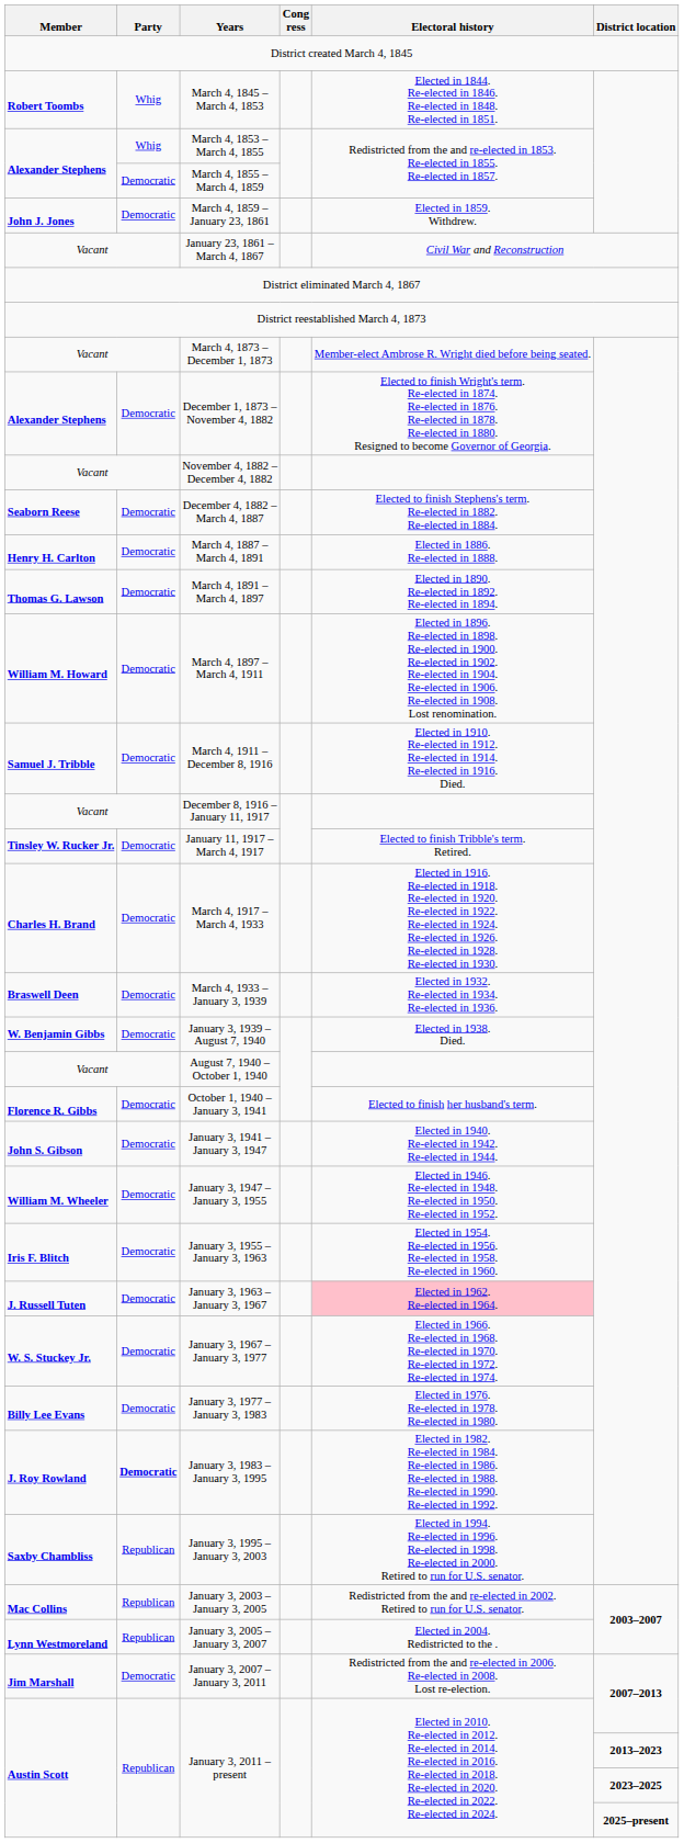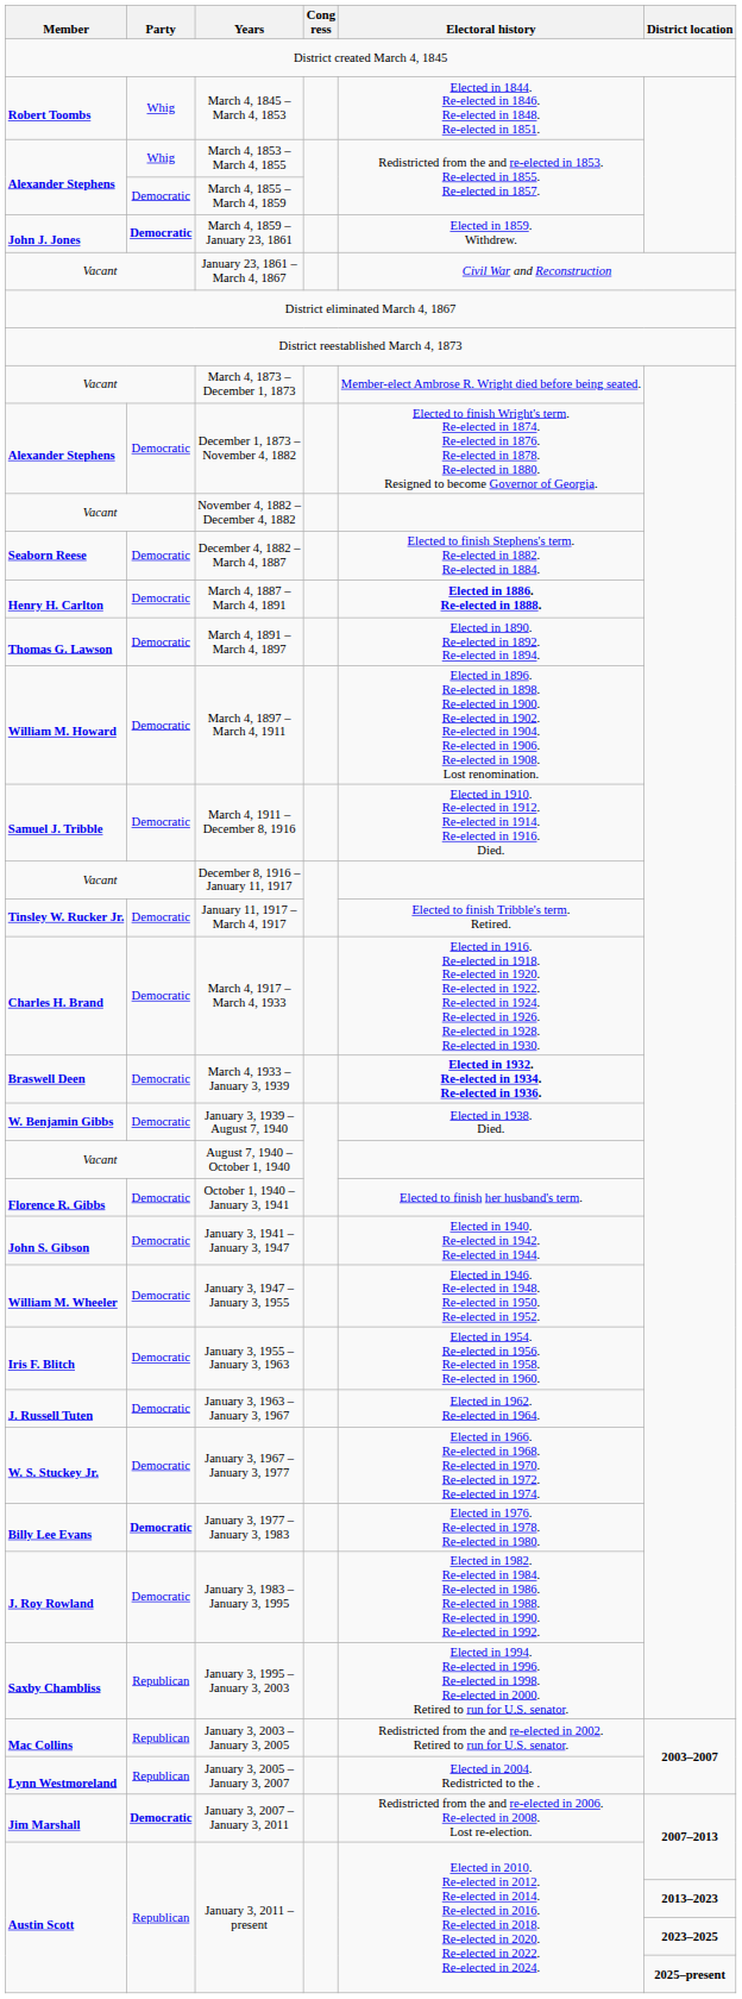 <table class=wikitable style="text-align:center">
 <tr valign=bottom>
 <th>Member</th>
 <th>Party</th>
 <th>Years</th>
 <th>Cong<br>ress</th>
 <th>Electoral history</th>
 <th>District location</th>
 </tr>
 <tr style="height:3em">
 <td colspan=6>District created March 4, 1845</td>
 </tr>
 <tr style="height:3em">
 <td align=left><br><strong><a href='#'>Robert Toombs</a></strong><br></td>
 <td><a href='#'>Whig</a></td>
 <td nowrap>March 4, 1845 –<br>March 4, 1853</td>
 <td></td>
 <td><a href='#'>Elected in 1844</a>.<br><a href='#'>Re-elected in 1846</a>.<br><a href='#'>Re-elected in 1848</a>.<br><a href='#'>Re-elected in 1851</a>.<br></td>
 <td rowspan=4></td>
 </tr>
 <tr style="height:3em">
 <td rowspan=2 align=left><br><strong><a href='#'>Alexander Stephens</a></strong><br></td>
 <td><a href='#'>Whig</a></td>
 <td nowrap>March 4, 1853 –<br>March 4, 1855</td>
 <td rowspan=2></td>
 <td rowspan=2>Redistricted from the  and <a href='#'>re-elected in 1853</a>.<br><a href='#'>Re-elected in 1855</a>.<br><a href='#'>Re-elected in 1857</a>.<br></td>
 </tr>
 <tr style="height:3em">
 <td><a href='#'>Democratic</a></td>
 <td nowrap>March 4, 1855 –<br>March 4, 1859</td>
 </tr>
 <tr style="height:3em">
 <td align=left><br><strong><a href='#'>John J. Jones</a></strong><br></td>
-<td><a href='#'>Democratic</a></td>
+<td><strong><a href='#'>Democratic</a></strong></td>
 <td nowrap>March 4, 1859 –<br>January 23, 1861</td>
 <td></td>
 <td><a href='#'>Elected in 1859</a>.<br>Withdrew.</td>
 </tr>
 <tr style="height:3em">
 <td colspan=2><em>Vacant</em></td>
 <td nowrap>January 23, 1861 –<br>March 4, 1867</td>
 <td></td>
 <td colspan=2><em><a href='#'>Civil War</a> and <a href='#'>Reconstruction</a></em></td>
 </tr>
 <tr style="height:3em">
 <td colspan=6>District eliminated March 4, 1867</td>
 </tr>
 <tr style="height:3em">
 <td colspan=6>District reestablished March 4, 1873</td>
 </tr>
 <tr style="height:3em">
 <td colspan=2><em>Vacant</em></td>
 <td nowrap>March 4, 1873 –<br>December 1, 1873</td>
 <td></td>
 <td><a href='#'>Member-elect Ambrose R. Wright died before being seated</a>.</td>
 <td rowspan=23></td>
 </tr>
 <tr style="height:3em">
 <td align=left><br><strong><a href='#'>Alexander Stephens</a></strong><br></td>
 <td><a href='#'>Democratic</a></td>
 <td nowrap>December 1, 1873 –<br>November 4, 1882</td>
 <td></td>
 <td><a href='#'>Elected to finish Wright's term</a>.<br><a href='#'>Re-elected in 1874</a>.<br><a href='#'>Re-elected in 1876</a>.<br><a href='#'>Re-elected in 1878</a>.<br><a href='#'>Re-elected in 1880</a>.<br>Resigned to become <a href='#'>Governor of Georgia</a>.</td>
 </tr>
 <tr style="height:3em">
 <td colspan=2><em>Vacant</em></td>
 <td nowrap>November 4, 1882 –<br>December 4, 1882</td>
 <td></td>
 <td></td>
 </tr>
 <tr style="height:3em">
 <td align=left><strong><a href='#'>Seaborn Reese</a></strong><br></td>
 <td><a href='#'>Democratic</a></td>
 <td nowrap>December 4, 1882 –<br>March 4, 1887</td>
 <td></td>
 <td><a href='#'>Elected to finish Stephens's term</a>.<br><a href='#'>Re-elected in 1882</a>.<br><a href='#'>Re-elected in 1884</a>.<br></td>
 </tr>
 <tr style="height:3em">
 <td align=left><br><strong><a href='#'>Henry H. Carlton</a></strong><br></td>
 <td><a href='#'>Democratic</a></td>
 <td nowrap>March 4, 1887 –<br>March 4, 1891</td>
 <td></td>
-<td><a href='#'>Elected in 1886</a>.<br><a href='#'>Re-elected in 1888</a>.<br></td>
+<td><strong><a href='#'>Elected in 1886</a>.<br><a href='#'>Re-elected in 1888</a>.<br></strong></td>
 </tr>
 <tr style="height:3em">
 <td align=left><br><strong><a href='#'>Thomas G. Lawson</a></strong><br></td>
 <td><a href='#'>Democratic</a></td>
 <td nowrap>March 4, 1891 –<br>March 4, 1897</td>
 <td></td>
 <td><a href='#'>Elected in 1890</a>.<br><a href='#'>Re-elected in 1892</a>.<br><a href='#'>Re-elected in 1894</a>.<br></td>
 </tr>
 <tr style="height:3em">
 <td align=left><br><strong><a href='#'>William M. Howard</a></strong><br></td>
 <td><a href='#'>Democratic</a></td>
 <td nowrap>March 4, 1897 –<br>March 4, 1911</td>
 <td></td>
 <td><a href='#'>Elected in 1896</a>.<br><a href='#'>Re-elected in 1898</a>.<br><a href='#'>Re-elected in 1900</a>.<br><a href='#'>Re-elected in 1902</a>.<br><a href='#'>Re-elected in 1904</a>.<br><a href='#'>Re-elected in 1906</a>.<br><a href='#'>Re-elected in 1908</a>.<br>Lost renomination.</td>
 </tr>
 <tr style="height:3em">
 <td align=left><br><strong><a href='#'>Samuel J. Tribble</a></strong><br></td>
 <td><a href='#'>Democratic</a></td>
 <td nowrap>March 4, 1911 –<br>December 8, 1916</td>
 <td></td>
 <td><a href='#'>Elected in 1910</a>.<br><a href='#'>Re-elected in 1912</a>.<br><a href='#'>Re-elected in 1914</a>.<br><a href='#'>Re-elected in 1916</a>.<br>Died.</td>
 </tr>
 <tr style="height:3em">
 <td colspan=2><em>Vacant</em></td>
 <td nowrap>December 8, 1916 –<br>January 11, 1917</td>
 <td rowspan=2></td>
 <td></td>
 </tr>
 <tr style="height:3em">
 <td align=left><strong><a href='#'>Tinsley W. Rucker Jr.</a></strong><br></td>
 <td><a href='#'>Democratic</a></td>
 <td nowrap>January 11, 1917 –<br>March 4, 1917</td>
 <td><a href='#'>Elected to finish Tribble's term</a>.<br>Retired.</td>
 </tr>
 <tr style="height:3em">
 <td align=left><br><strong><a href='#'>Charles H. Brand</a></strong><br></td>
 <td><a href='#'>Democratic</a></td>
 <td nowrap>March 4, 1917 –<br>March 4, 1933</td>
 <td></td>
 <td><a href='#'>Elected in 1916</a>.<br><a href='#'>Re-elected in 1918</a>.<br><a href='#'>Re-elected in 1920</a>.<br><a href='#'>Re-elected in 1922</a>.<br><a href='#'>Re-elected in 1924</a>.<br><a href='#'>Re-elected in 1926</a>.<br><a href='#'>Re-elected in 1928</a>.<br><a href='#'>Re-elected in 1930</a>.<br></td>
 </tr>
 <tr style="height:3em">
 <td align=left><strong><a href='#'>Braswell Deen</a></strong><br></td>
 <td><a href='#'>Democratic</a></td>
 <td nowrap>March 4, 1933 –<br>January 3, 1939</td>
 <td></td>
-<td><a href='#'>Elected in 1932</a>.<br><a href='#'>Re-elected in 1934</a>.<br><a href='#'>Re-elected in 1936</a>.<br></td>
+<td><strong><a href='#'>Elected in 1932</a>.<br><a href='#'>Re-elected in 1934</a>.<br><a href='#'>Re-elected in 1936</a>.<br></strong></td>
 </tr>
 <tr style="height:3em">
 <td align=left><strong><a href='#'>W. Benjamin Gibbs</a></strong><br></td>
 <td><a href='#'>Democratic</a></td>
 <td nowrap>January 3, 1939 –<br>August 7, 1940</td>
 <td rowspan=3></td>
 <td><a href='#'>Elected in 1938</a>.<br>Died.</td>
 </tr>
 <tr style="height:3em">
 <td colspan=2><em>Vacant</em></td>
 <td nowrap>August 7, 1940 –<br>October 1, 1940</td>
 <td></td>
 </tr>
 <tr style="height:3em">
 <td align=left><br><strong><a href='#'>Florence R. Gibbs</a></strong><br></td>
 <td><a href='#'>Democratic</a></td>
 <td nowrap>October 1, 1940 –<br>January 3, 1941</td>
 <td><a href='#'>Elected to finish</a> <a href='#'>her husband's term</a>.<br></td>
 </tr>
 <tr style="height:3em">
 <td align=left><br><strong><a href='#'>John S. Gibson</a></strong><br></td>
 <td><a href='#'>Democratic</a></td>
 <td nowrap>January 3, 1941 –<br>January 3, 1947</td>
 <td></td>
 <td><a href='#'>Elected in 1940</a>.<br><a href='#'>Re-elected in 1942</a>.<br><a href='#'>Re-elected in 1944</a>.<br></td>
 </tr>
 <tr style="height:3em">
 <td align=left><br><strong><a href='#'>William M. Wheeler</a></strong><br></td>
 <td><a href='#'>Democratic</a></td>
 <td nowrap>January 3, 1947 –<br>January 3, 1955</td>
 <td></td>
 <td><a href='#'>Elected in 1946</a>.<br><a href='#'>Re-elected in 1948</a>.<br><a href='#'>Re-elected in 1950</a>.<br><a href='#'>Re-elected in 1952</a>.<br></td>
 </tr>
 <tr style="height:3em">
 <td align=left><br><strong><a href='#'>Iris F. Blitch</a></strong><br></td>
 <td><a href='#'>Democratic</a></td>
 <td nowrap>January 3, 1955 –<br>January 3, 1963</td>
 <td></td>
 <td><a href='#'>Elected in 1954</a>.<br><a href='#'>Re-elected in 1956</a>.<br><a href='#'>Re-elected in 1958</a>.<br><a href='#'>Re-elected in 1960</a>.<br></td>
 </tr>
 <tr style="height:3em">
 <td align=left><br><strong><a href='#'>J. Russell Tuten</a></strong><br></td>
 <td><a href='#'>Democratic</a></td>
 <td nowrap>January 3, 1963 –<br>January 3, 1967</td>
 <td></td>
-<td style="background: pink;"><a href='#'>Elected in 1962</a>.<br><a href='#'>Re-elected in 1964</a>.<br></td>
+<td><a href='#'>Elected in 1962</a>.<br><a href='#'>Re-elected in 1964</a>.<br></td>
 </tr>
 <tr style="height:3em">
 <td align=left><br><strong><a href='#'>W. S. Stuckey Jr.</a></strong><br></td>
 <td><a href='#'>Democratic</a></td>
 <td nowrap>January 3, 1967 –<br>January 3, 1977</td>
 <td></td>
 <td><a href='#'>Elected in 1966</a>.<br><a href='#'>Re-elected in 1968</a>.<br><a href='#'>Re-elected in 1970</a>.<br><a href='#'>Re-elected in 1972</a>.<br><a href='#'>Re-elected in 1974</a>.<br></td>
 </tr>
 <tr style="height:3em">
 <td align=left><br><strong><a href='#'>Billy Lee Evans</a></strong><br></td>
-<td><a href='#'>Democratic</a></td>
+<td><strong><a href='#'>Democratic</a></strong></td>
 <td nowrap>January 3, 1977 –<br>January 3, 1983</td>
 <td></td>
 <td><a href='#'>Elected in 1976</a>.<br><a href='#'>Re-elected in 1978</a>.<br><a href='#'>Re-elected in 1980</a>.<br></td>
 </tr>
 <tr style="height:3em">
 <td align=left><br><strong><a href='#'>J. Roy Rowland</a></strong><br></td>
-<td><strong><a href='#'>Democratic</a></strong></td>
+<td><a href='#'>Democratic</a></td>
 <td nowrap>January 3, 1983 –<br>January 3, 1995</td>
 <td></td>
 <td><a href='#'>Elected in 1982</a>.<br><a href='#'>Re-elected in 1984</a>.<br><a href='#'>Re-elected in 1986</a>.<br><a href='#'>Re-elected in 1988</a>.<br><a href='#'>Re-elected in 1990</a>.<br><a href='#'>Re-elected in 1992</a>.<br></td>
 </tr>
 <tr style="height:3em">
 <td align=left><br><strong><a href='#'>Saxby Chambliss</a></strong><br></td>
 <td><a href='#'>Republican</a></td>
 <td nowrap>January 3, 1995 –<br>January 3, 2003</td>
 <td></td>
 <td><a href='#'>Elected in 1994</a>.<br><a href='#'>Re-elected in 1996</a>.<br><a href='#'>Re-elected in 1998</a>.<br><a href='#'>Re-elected in 2000</a>.<br>Retired to <a href='#'>run for U.S. senator</a>.</td>
 </tr>
 <tr style="height:3em">
 <td align=left><br><strong><a href='#'>Mac Collins</a></strong><br></td>
 <td><a href='#'>Republican</a></td>
 <td nowrap>January 3, 2003 –<br>January 3, 2005</td>
 <td></td>
 <td>Redistricted from the  and <a href='#'>re-elected in 2002</a>.<br>Retired to <a href='#'>run for U.S. senator</a>.</td>
 <td rowspan=2><strong>2003–2007</strong><br></td>
 </tr>
 <tr style="height:3em">
 <td align=left><br><strong><a href='#'>Lynn Westmoreland</a></strong><br></td>
 <td><a href='#'>Republican</a></td>
 <td nowrap>January 3, 2005 –<br>January 3, 2007</td>
 <td></td>
 <td><a href='#'>Elected in 2004</a>.<br>Redistricted to the .</td>
 </tr>
 <tr style="height:3em">
 <td align=left><br><strong><a href='#'>Jim Marshall</a></strong><br></td>
-<td><a href='#'>Democratic</a></td>
+<td><strong><a href='#'>Democratic</a></strong></td>
 <td nowrap>January 3, 2007 –<br>January 3, 2011</td>
 <td></td>
 <td>Redistricted from the  and <a href='#'>re-elected in 2006</a>.<br><a href='#'>Re-elected in 2008</a>.<br>Lost re-election.</td>
 <td rowspan=2><strong>2007–2013</strong><br></td>
 </tr>
 <tr style="height:3em">
 <td rowspan=4 align=left><br><strong><a href='#'>Austin Scott</a></strong><br></td>
 <td rowspan=4 ><a href='#'>Republican</a></td>
 <td rowspan=4 nowrap>January 3, 2011 –<br>present</td>
 <td rowspan=4></td>
 <td rowspan=4><a href='#'>Elected in 2010</a>.<br><a href='#'>Re-elected in 2012</a>.<br><a href='#'>Re-elected in 2014</a>.<br><a href='#'>Re-elected in 2016</a>.<br><a href='#'>Re-elected in 2018</a>.<br><a href='#'>Re-elected in 2020</a>.<br><a href='#'>Re-elected in 2022</a>.<br><a href='#'>Re-elected in 2024</a>.</td>
 </tr>
 <tr style="height:3em">
 <td><strong>2013–2023</strong><br></td>
 </tr>
 <tr style="height:3em">
 <td><strong>2023–2025</strong><br></td>
 </tr>
 <tr style="height:3em">
 <td><strong>2025–present</strong><br></td>
 </tr>
 </table>
